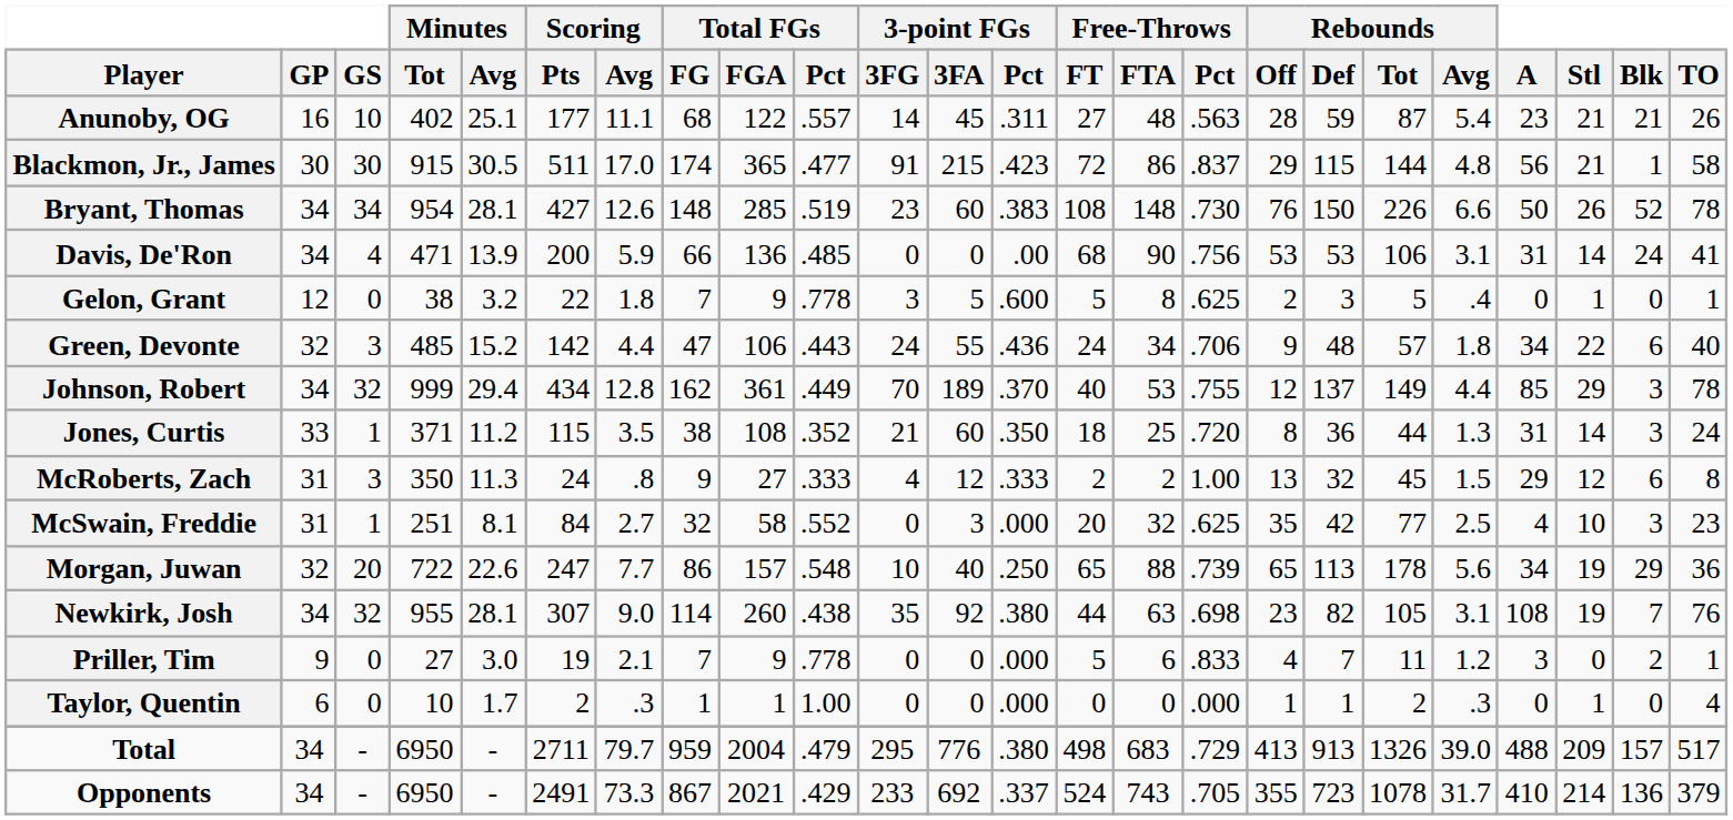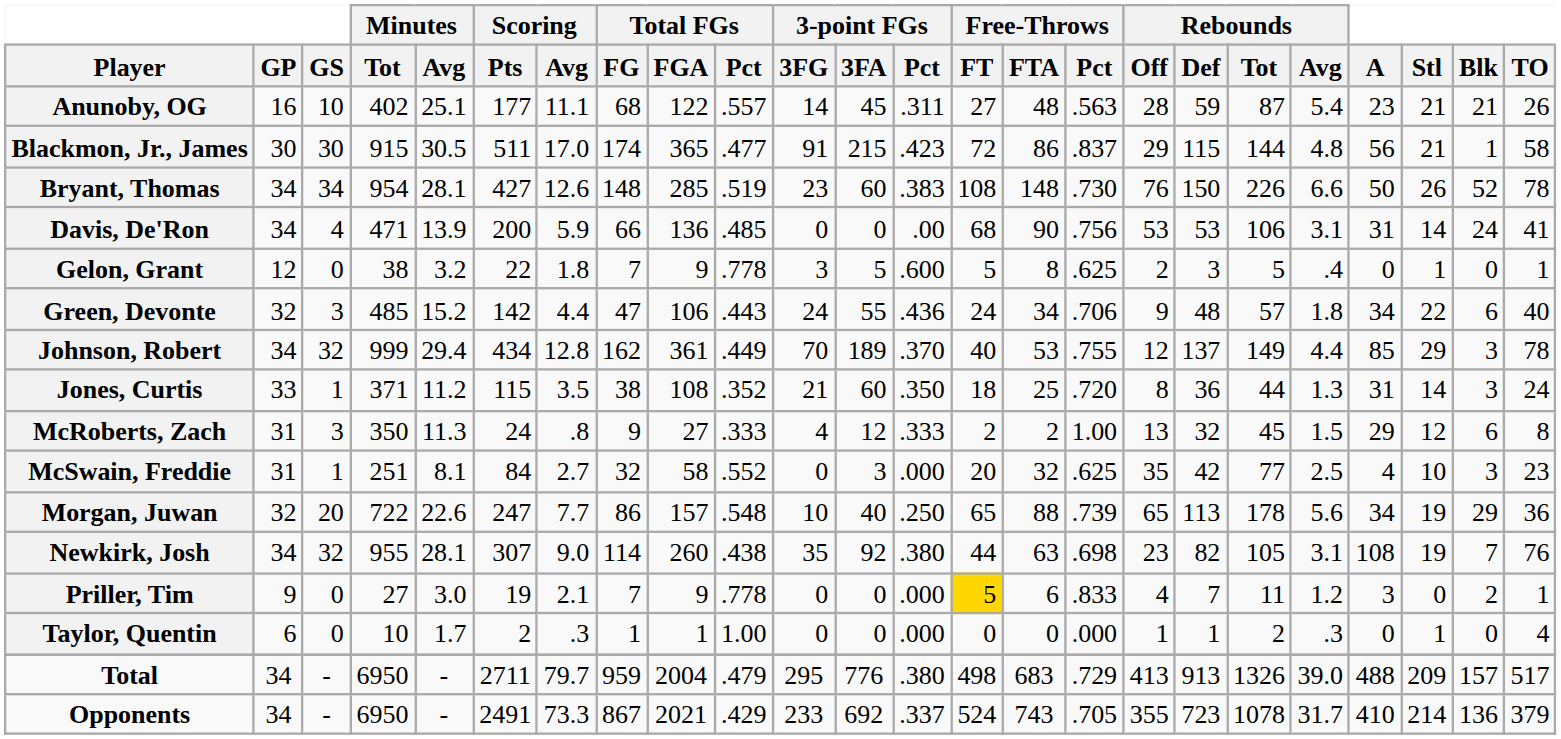 <table class="wikitable sortable" border="1" style="font-size:70%;">
 <tr>
 <th colspan="3" style="border-top-style:hidden; border-left-style:hidden; background: white;"></th>
 <th colspan="2" style=>Minutes</th>
 <th colspan="2" style=>Scoring</th>
 <th colspan="3" style=>Total FGs</th>
 <th colspan="3" style=>3-point FGs</th>
 <th colspan="3" style=>Free-Throws</th>
 <th colspan="4" style=>Rebounds</th>
 <th colspan="4" style="border-top-style:hidden; border-right-style:hidden; background: white;"></th>
 </tr>
 <tr>
 <th scope="col" style=>Player</th>
 <th scope="col" style=>GP</th>
 <th scope="col" style=>GS</th>
 <th scope="col" style=>Tot</th>
 <th scope="col" style=>Avg</th>
 <th scope="col" style=>Pts</th>
 <th scope="col" style=>Avg</th>
 <th scope="col" style=>FG</th>
 <th scope="col" style=>FGA</th>
 <th scope="col" style=>Pct</th>
 <th scope="col" style=>3FG</th>
 <th scope="col" style=>3FA</th>
 <th scope="col" style=>Pct</th>
 <th scope="col" style=>FT</th>
 <th scope="col" style=>FTA</th>
 <th scope="col" style=>Pct</th>
 <th scope="col" style=>Off</th>
 <th scope="col" style=>Def</th>
 <th scope="col" style=>Tot</th>
 <th scope="col" style=>Avg</th>
 <th scope="col" style=>A</th>
 <th scope="col" style=>Stl</th>
 <th scope="col" style=>Blk</th>
 <th scope="col" style=>TO</th>
 </tr>
 <tr>
 <th style=white-space:nowrap>Anunoby, OG</th>
 <td align="right">16</td>
 <td align="right">10</td>
 <td align="right">402</td>
 <td align="right">25.1</td>
 <td align="right">177</td>
 <td align="right">11.1</td>
 <td align="right">68</td>
 <td align="right">122</td>
 <td align="right">.557</td>
 <td align="right">14</td>
 <td align="right">45</td>
 <td align="right">.311</td>
 <td align="right">27</td>
 <td align="right">48</td>
 <td align="right">.563</td>
 <td align="right">28</td>
 <td align="right">59</td>
 <td align="right">87</td>
 <td align="right">5.4</td>
 <td align="right">23</td>
 <td align="right">21</td>
 <td align="right">21</td>
 <td align="right">26</td>
 </tr>
 <tr>
 <th style=white-space:nowrap>Blackmon, Jr., James</th>
 <td align="right">30</td>
 <td align="right">30</td>
 <td align="right">915</td>
 <td align="right" style=>30.5</td>
 <td align="right" style=>511</td>
 <td align="right" style=>17.0</td>
 <td align="right" style=>174</td>
 <td align="right" style=>365</td>
 <td align="right">.477</td>
 <td align="right" style=>91</td>
 <td align="right" style=>215</td>
 <td align="right">.423</td>
 <td align="right">72</td>
 <td align="right">86</td>
 <td align="right">.837</td>
 <td align="right">29</td>
 <td align="right">115</td>
 <td align="right">144</td>
 <td align="right">4.8</td>
 <td align="right">56</td>
 <td align="right">21</td>
 <td align="right">1</td>
 <td align="right">58</td>
 </tr>
 <tr>
 <th style=white-space:nowrap>Bryant, Thomas</th>
 <td align="right" style=>34</td>
 <td align="right" style=>34</td>
 <td align="right">954</td>
 <td align="right">28.1</td>
 <td align="right">427</td>
 <td align="right">12.6</td>
 <td align="right">148</td>
 <td align="right">285</td>
 <td align="right">.519</td>
 <td align="right">23</td>
 <td align="right">60</td>
 <td align="right">.383</td>
 <td align="right" style=>108</td>
 <td align="right" style=>148</td>
 <td align="right">.730</td>
 <td align="right" style=>76</td>
 <td align="right" style=>150</td>
 <td align="right" style=>226</td>
 <td align="right" style=>6.6</td>
 <td align="right">50</td>
 <td align="right">26</td>
 <td align="right" style=>52</td>
 <td align="right" style=>78</td>
 </tr>
 <tr>
 <th style=white-space:nowrap>Davis, De'Ron</th>
 <td align="right" style=>34</td>
 <td align="right">4</td>
 <td align="right">471</td>
 <td align="right">13.9</td>
 <td align="right">200</td>
 <td align="right">5.9</td>
 <td align="right">66</td>
 <td align="right">136</td>
 <td align="right">.485</td>
 <td align="right">0</td>
 <td align="right">0</td>
 <td align="right">.00</td>
 <td align="right">68</td>
 <td align="right">90</td>
 <td align="right">.756</td>
 <td align="right">53</td>
 <td align="right">53</td>
 <td align="right">106</td>
 <td align="right">3.1</td>
 <td align="right">31</td>
 <td align="right">14</td>
 <td align="right">24</td>
 <td align="right">41</td>
 </tr>
 <tr>
 <th style=white-space:nowrap>Gelon, Grant</th>
 <td align="right">12</td>
 <td align="right">0</td>
 <td align="right">38</td>
 <td align="right">3.2</td>
 <td align="right">22</td>
 <td align="right">1.8</td>
 <td align="right">7</td>
 <td align="right">9</td>
 <td align="right">.778</td>
 <td align="right">3</td>
 <td align="right">5</td>
 <td align="right" style=>.600</td>
 <td align="right">5</td>
 <td align="right">8</td>
 <td align="right">.625</td>
 <td align="right">2</td>
 <td align="right">3</td>
 <td align="right">5</td>
 <td align="right">.4</td>
 <td align="right">0</td>
 <td align="right">1</td>
 <td align="right">0</td>
 <td align="right">1</td>
 </tr>
 <tr>
 <th style=white-space:nowrap>Green, Devonte</th>
 <td align="right">32</td>
 <td align="right">3</td>
 <td align="right">485</td>
 <td align="right">15.2</td>
 <td align="right">142</td>
 <td align="right">4.4</td>
 <td align="right">47</td>
 <td align="right">106</td>
 <td align="right">.443</td>
 <td align="right">24</td>
 <td align="right">55</td>
 <td align="right">.436</td>
 <td align="right">24</td>
 <td align="right">34</td>
 <td align="right">.706</td>
 <td align="right">9</td>
 <td align="right">48</td>
 <td align="right">57</td>
 <td align="right">1.8</td>
 <td align="right">34</td>
 <td align="right">22</td>
 <td align="right">6</td>
 <td align="right">40</td>
 </tr>
 <tr>
 <th style=white-space:nowrap>Johnson, Robert</th>
 <td align="right" style=>34</td>
 <td align="right">32</td>
 <td align="right" style=>999</td>
 <td align="right">29.4</td>
 <td align="right">434</td>
 <td align="right">12.8</td>
 <td align="right">162</td>
 <td align="right">361</td>
 <td align="right">.449</td>
 <td align="right">70</td>
 <td align="right">189</td>
 <td align="right">.370</td>
 <td align="right">40</td>
 <td align="right">53</td>
 <td align="right">.755</td>
 <td align="right">12</td>
 <td align="right">137</td>
 <td align="right">149</td>
 <td align="right">4.4</td>
 <td align="right">85</td>
 <td align="right" style=>29</td>
 <td align="right">3</td>
 <td align="right" style=>78</td>
 </tr>
 <tr>
 <th style=white-space:nowrap>Jones, Curtis</th>
 <td align="right">33</td>
 <td align="right">1</td>
 <td align="right">371</td>
 <td align="right">11.2</td>
 <td align="right">115</td>
 <td align="right">3.5</td>
 <td align="right">38</td>
 <td align="right">108</td>
 <td align="right">.352</td>
 <td align="right">21</td>
 <td align="right">60</td>
 <td align="right">.350</td>
 <td align="right">18</td>
 <td align="right">25</td>
 <td align="right">.720</td>
 <td align="right">8</td>
 <td align="right">36</td>
 <td align="right">44</td>
 <td align="right">1.3</td>
 <td align="right">31</td>
 <td align="right">14</td>
 <td align="right">3</td>
 <td align="right">24</td>
 </tr>
 <tr>
 <th style=white-space:nowrap>McRoberts, Zach</th>
 <td align="right">31</td>
 <td align="right">3</td>
 <td align="right">350</td>
 <td align="right">11.3</td>
 <td align="right">24</td>
 <td align="right">.8</td>
 <td align="right">9</td>
 <td align="right">27</td>
 <td align="right">.333</td>
 <td align="right">4</td>
 <td align="right">12</td>
 <td align="right">.333</td>
 <td align="right">2</td>
 <td align="right">2</td>
 <td align="right" style=>1.00</td>
 <td align="right">13</td>
 <td align="right">32</td>
 <td align="right">45</td>
 <td align="right">1.5</td>
 <td align="right">29</td>
 <td align="right">12</td>
 <td align="right">6</td>
 <td align="right">8</td>
 </tr>
 <tr>
 <th style=white-space:nowrap>McSwain, Freddie</th>
 <td align="right">31</td>
 <td align="right">1</td>
 <td align="right">251</td>
 <td align="right">8.1</td>
 <td align="right">84</td>
 <td align="right">2.7</td>
 <td align="right">32</td>
 <td align="right">58</td>
 <td align="right">.552</td>
 <td align="right">0</td>
 <td align="right">3</td>
 <td align="right">.000</td>
 <td align="right">20</td>
 <td align="right">32</td>
 <td align="right">.625</td>
 <td align="right">35</td>
 <td align="right">42</td>
 <td align="right">77</td>
 <td align="right">2.5</td>
 <td align="right">4</td>
 <td align="right">10</td>
 <td align="right">3</td>
 <td align="right">23</td>
 </tr>
 <tr>
 <th style=white-space:nowrap>Morgan, Juwan</th>
 <td align="right">32</td>
 <td align="right">20</td>
 <td align="right">722</td>
 <td align="right">22.6</td>
 <td align="right">247</td>
 <td align="right">7.7</td>
 <td align="right">86</td>
 <td align="right">157</td>
 <td align="right">.548</td>
 <td align="right">10</td>
 <td align="right">40</td>
 <td align="right">.250</td>
 <td align="right">65</td>
 <td align="right">88</td>
 <td align="right">.739</td>
 <td align="right">65</td>
 <td align="right">113</td>
 <td align="right">178</td>
 <td align="right">5.6</td>
 <td align="right">34</td>
 <td align="right">19</td>
 <td align="right">29</td>
 <td align="right">36</td>
 </tr>
 <tr>
 <th style=white-space:nowrap>Newkirk, Josh</th>
 <td align="right" style=>34</td>
 <td align="right">32</td>
 <td align="right">955</td>
 <td align="right">28.1</td>
 <td align="right">307</td>
 <td align="right">9.0</td>
 <td align="right">114</td>
 <td align="right">260</td>
 <td align="right">.438</td>
 <td align="right">35</td>
 <td align="right">92</td>
 <td align="right">.380</td>
 <td align="right">44</td>
 <td align="right">63</td>
 <td align="right">.698</td>
 <td align="right">23</td>
 <td align="right">82</td>
 <td align="right">105</td>
 <td align="right">3.1</td>
 <td align="right" style=>108</td>
 <td align="right">19</td>
 <td align="right">7</td>
 <td align="right">76</td>
 </tr>
 <tr>
 <th style=white-space:nowrap>Priller, Tim</th>
 <td align="right">9</td>
 <td align="right">0</td>
 <td align="right">27</td>
 <td align="right">3.0</td>
 <td align="right">19</td>
 <td align="right">2.1</td>
 <td align="right">7</td>
 <td align="right">9</td>
 <td align="right">.778</td>
 <td align="right">0</td>
 <td align="right">0</td>
 <td align="right">.000</td>
-<td align="right">5</td>
+<td align="right" style="background: gold;">5</td>
 <td align="right">6</td>
 <td align="right">.833</td>
 <td align="right">4</td>
 <td align="right">7</td>
 <td align="right">11</td>
 <td align="right">1.2</td>
 <td align="right">3</td>
 <td align="right">0</td>
 <td align="right">2</td>
 <td align="right">1</td>
 </tr>
 <tr>
 <th style=white-space:nowrap>Taylor, Quentin</th>
 <td align="right">6</td>
 <td align="right">0</td>
 <td align="right">10</td>
 <td align="right">1.7</td>
 <td align="right">2</td>
 <td align="right">.3</td>
 <td align="right">1</td>
 <td align="right">1</td>
 <td align="right" style=>1.00</td>
 <td align="right">0</td>
 <td align="right">0</td>
 <td align="right">.000</td>
 <td align="right">0</td>
 <td align="right">0</td>
 <td align="right">.000</td>
 <td align="right">1</td>
 <td align="right">1</td>
 <td align="right">2</td>
 <td align="right">.3</td>
 <td align="right">0</td>
 <td align="right">1</td>
 <td align="right">0</td>
 <td align="right">4</td>
 </tr>
 <tr>
 </tr>
 <tr class="sortbottom">
 <td align="center" style=><strong>Total</strong></td>
 <td align="center" style=>34</td>
 <td align="center" style=>-</td>
 <td align="center" style=>6950</td>
 <td align="center" style=>-</td>
 <td align="center" style=>2711</td>
 <td align="center" style=>79.7</td>
 <td align="center" style=>959</td>
 <td align="center" style=>2004</td>
 <td align="center" style=>.479</td>
 <td align="center" style=>295</td>
 <td align="center" style=>776</td>
 <td align="center" style=>.380</td>
 <td align="center" style=>498</td>
 <td align="center" style=>683</td>
 <td align="center" style=>.729</td>
 <td align="center" style=>413</td>
 <td align="center" style=>913</td>
 <td align="center" style=>1326</td>
 <td align="center" style=>39.0</td>
 <td align="center" style=>488</td>
 <td align="center" style=>209</td>
 <td align="center" style=>157</td>
 <td align="center" style=>517</td>
 </tr>
 <tr class="sortbottom">
 <td align="center"><strong>Opponents</strong></td>
 <td align="center">34</td>
 <td align="center">-</td>
 <td align="center">6950</td>
 <td align="center">-</td>
 <td align="center">2491</td>
 <td align="center">73.3</td>
 <td align="center">867</td>
 <td align="center">2021</td>
 <td align="center">.429</td>
 <td align="center">233</td>
 <td align="center">692</td>
 <td align="center">.337</td>
 <td align="center">524</td>
 <td align="center">743</td>
 <td align="center">.705</td>
 <td align="center">355</td>
 <td align="center">723</td>
 <td align="center">1078</td>
 <td align="center">31.7</td>
 <td align="center">410</td>
 <td align="center">214</td>
 <td align="center">136</td>
 <td align="center">379</td>
 </tr>
 </table>
